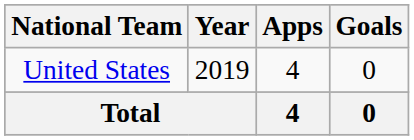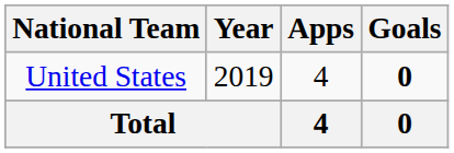 <table class="wikitable" style="text-align: center;">
 <tr>
 <th>National Team</th>
 <th>Year</th>
 <th>Apps</th>
 <th>Goals</th>
 </tr>
 <tr>
 <td><a href='#'>United States</a></td>
 <td>2019</td>
 <td>4</td>
-<td>0</td>
+<td><strong>0</strong></td>
 </tr>
 <tr>
 <th colspan="2"><strong>Total</strong></th>
 <th><strong>4</strong></th>
 <th><strong>0</strong></th>
 </tr>
 </table>
